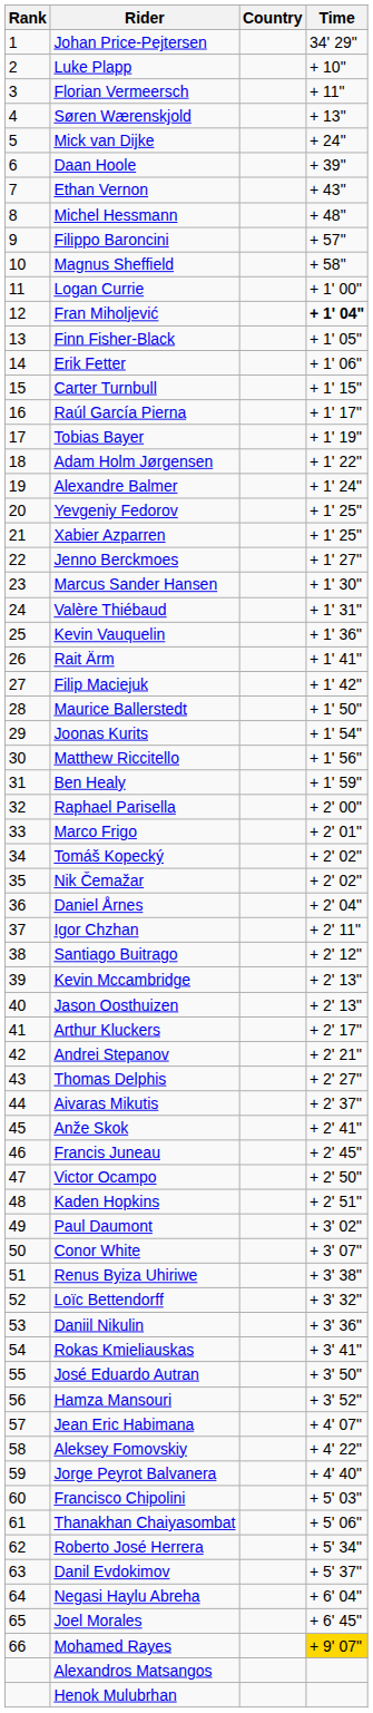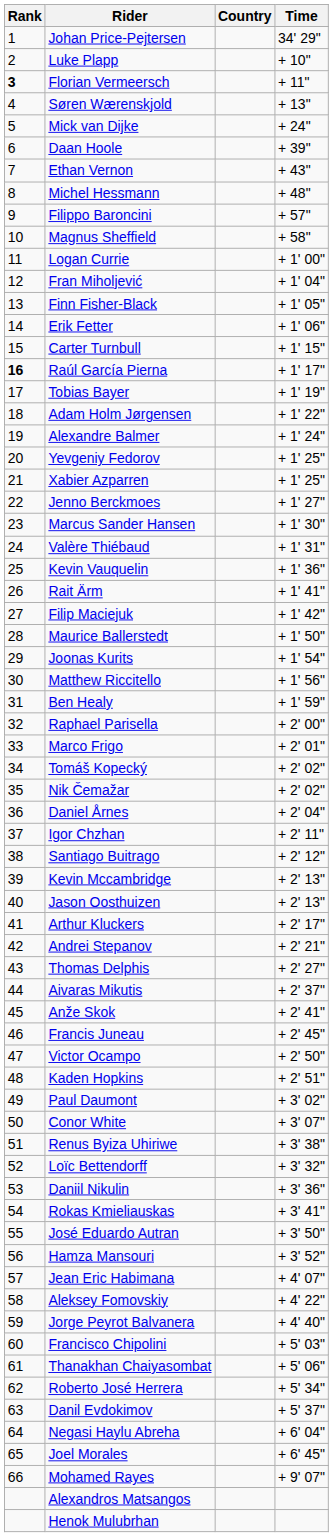 <table class="wikitable" style="font-size:95%; text-align:left;">
 <tr>
 <th>Rank</th>
 <th>Rider</th>
 <th>Country</th>
 <th>Time</th>
 </tr>
 <tr>
 <td>1</td>
 <td><a href='#'>Johan Price-Pejtersen</a></td>
 <td></td>
 <td>34' 29"</td>
 </tr>
 <tr>
 <td>2</td>
 <td><a href='#'>Luke Plapp</a></td>
 <td></td>
 <td>+ 10"</td>
 </tr>
 <tr>
-<td>3</td>
+<td><strong>3</strong></td>
 <td><a href='#'>Florian Vermeersch</a></td>
 <td></td>
 <td>+ 11"</td>
 </tr>
 <tr>
 <td>4</td>
 <td><a href='#'>Søren Wærenskjold</a></td>
 <td></td>
 <td>+ 13"</td>
 </tr>
 <tr>
 <td>5</td>
 <td><a href='#'>Mick van Dijke</a></td>
 <td></td>
 <td>+ 24"</td>
 </tr>
 <tr>
 <td>6</td>
 <td><a href='#'>Daan Hoole</a></td>
 <td></td>
 <td>+ 39"</td>
 </tr>
 <tr>
 <td>7</td>
 <td><a href='#'>Ethan Vernon</a></td>
 <td></td>
 <td>+ 43"</td>
 </tr>
 <tr>
 <td>8</td>
 <td><a href='#'>Michel Hessmann</a></td>
 <td></td>
 <td>+ 48"</td>
 </tr>
 <tr>
 <td>9</td>
 <td><a href='#'>Filippo Baroncini</a></td>
 <td></td>
 <td>+ 57"</td>
 </tr>
 <tr>
 <td>10</td>
 <td><a href='#'>Magnus Sheffield</a></td>
 <td></td>
 <td>+ 58"</td>
 </tr>
 <tr>
 <td>11</td>
 <td><a href='#'>Logan Currie</a></td>
 <td></td>
 <td>+ 1' 00"</td>
 </tr>
 <tr>
 <td>12</td>
 <td><a href='#'>Fran Miholjević</a></td>
 <td></td>
-<td><strong>+ 1' 04"</strong></td>
+<td>+ 1' 04"</td>
 </tr>
 <tr>
 <td>13</td>
 <td><a href='#'>Finn Fisher-Black</a></td>
 <td></td>
 <td>+ 1' 05"</td>
 </tr>
 <tr>
 <td>14</td>
 <td><a href='#'>Erik Fetter</a></td>
 <td></td>
 <td>+ 1' 06"</td>
 </tr>
 <tr>
 <td>15</td>
 <td><a href='#'>Carter Turnbull</a></td>
 <td></td>
 <td>+ 1' 15"</td>
 </tr>
 <tr>
-<td>16</td>
+<td><strong>16</strong></td>
 <td><a href='#'>Raúl García Pierna</a></td>
 <td></td>
 <td>+ 1' 17"</td>
 </tr>
 <tr>
 <td>17</td>
 <td><a href='#'>Tobias Bayer</a></td>
 <td></td>
 <td>+ 1' 19"</td>
 </tr>
 <tr>
 <td>18</td>
 <td><a href='#'>Adam Holm Jørgensen</a></td>
 <td></td>
 <td>+ 1' 22"</td>
 </tr>
 <tr>
 <td>19</td>
 <td><a href='#'>Alexandre Balmer</a></td>
 <td></td>
 <td>+ 1' 24"</td>
 </tr>
 <tr>
 <td>20</td>
 <td><a href='#'>Yevgeniy Fedorov</a></td>
 <td></td>
 <td>+ 1' 25"</td>
 </tr>
 <tr>
 <td>21</td>
 <td><a href='#'>Xabier Azparren</a></td>
 <td></td>
 <td>+ 1' 25"</td>
 </tr>
 <tr>
 <td>22</td>
 <td><a href='#'>Jenno Berckmoes</a></td>
 <td></td>
 <td>+ 1' 27"</td>
 </tr>
 <tr>
 <td>23</td>
 <td><a href='#'>Marcus Sander Hansen</a></td>
 <td></td>
 <td>+ 1' 30"</td>
 </tr>
 <tr>
 <td>24</td>
 <td><a href='#'>Valère Thiébaud</a></td>
 <td></td>
 <td>+ 1' 31"</td>
 </tr>
 <tr>
 <td>25</td>
 <td><a href='#'>Kevin Vauquelin</a></td>
 <td></td>
 <td>+ 1' 36"</td>
 </tr>
 <tr>
 <td>26</td>
 <td><a href='#'>Rait Ärm</a></td>
 <td></td>
 <td>+ 1' 41"</td>
 </tr>
 <tr>
 <td>27</td>
 <td><a href='#'>Filip Maciejuk</a></td>
 <td></td>
 <td>+ 1' 42"</td>
 </tr>
 <tr>
 <td>28</td>
 <td><a href='#'>Maurice Ballerstedt</a></td>
 <td></td>
 <td>+ 1' 50"</td>
 </tr>
 <tr>
 <td>29</td>
 <td><a href='#'>Joonas Kurits</a></td>
 <td></td>
 <td>+ 1' 54"</td>
 </tr>
 <tr>
 <td>30</td>
 <td><a href='#'>Matthew Riccitello</a></td>
 <td></td>
 <td>+ 1' 56"</td>
 </tr>
 <tr>
 <td>31</td>
 <td><a href='#'>Ben Healy</a></td>
 <td></td>
 <td>+ 1' 59"</td>
 </tr>
 <tr>
 <td>32</td>
 <td><a href='#'>Raphael Parisella</a></td>
 <td></td>
 <td>+ 2' 00"</td>
 </tr>
 <tr>
 <td>33</td>
 <td><a href='#'>Marco Frigo</a></td>
 <td></td>
 <td>+ 2' 01"</td>
 </tr>
 <tr>
 <td>34</td>
 <td><a href='#'>Tomáš Kopecký</a></td>
 <td></td>
 <td>+ 2' 02"</td>
 </tr>
 <tr>
 <td>35</td>
 <td><a href='#'>Nik Čemažar</a></td>
 <td></td>
 <td>+ 2' 02"</td>
 </tr>
 <tr>
 <td>36</td>
 <td><a href='#'>Daniel Årnes</a></td>
 <td></td>
 <td>+ 2' 04"</td>
 </tr>
 <tr>
 <td>37</td>
 <td><a href='#'>Igor Chzhan</a></td>
 <td></td>
 <td>+ 2' 11"</td>
 </tr>
 <tr>
 <td>38</td>
 <td><a href='#'>Santiago Buitrago</a></td>
 <td></td>
 <td>+ 2' 12"</td>
 </tr>
 <tr>
 <td>39</td>
 <td><a href='#'>Kevin Mccambridge</a></td>
 <td></td>
 <td>+ 2' 13"</td>
 </tr>
 <tr>
 <td>40</td>
 <td><a href='#'>Jason Oosthuizen</a></td>
 <td></td>
 <td>+ 2' 13"</td>
 </tr>
 <tr>
 <td>41</td>
 <td><a href='#'>Arthur Kluckers</a></td>
 <td></td>
 <td>+ 2' 17"</td>
 </tr>
 <tr>
 <td>42</td>
 <td><a href='#'>Andrei Stepanov</a></td>
 <td></td>
 <td>+ 2' 21"</td>
 </tr>
 <tr>
 <td>43</td>
 <td><a href='#'>Thomas Delphis</a></td>
 <td></td>
 <td>+ 2' 27"</td>
 </tr>
 <tr>
 <td>44</td>
 <td><a href='#'>Aivaras Mikutis</a></td>
 <td></td>
 <td>+ 2' 37"</td>
 </tr>
 <tr>
 <td>45</td>
 <td><a href='#'>Anže Skok</a></td>
 <td></td>
 <td>+ 2' 41"</td>
 </tr>
 <tr>
 <td>46</td>
 <td><a href='#'>Francis Juneau</a></td>
 <td></td>
 <td>+ 2' 45"</td>
 </tr>
 <tr>
 <td>47</td>
 <td><a href='#'>Victor Ocampo</a></td>
 <td></td>
 <td>+ 2' 50"</td>
 </tr>
 <tr>
 <td>48</td>
 <td><a href='#'>Kaden Hopkins</a></td>
 <td></td>
 <td>+ 2' 51"</td>
 </tr>
 <tr>
 <td>49</td>
 <td><a href='#'>Paul Daumont</a></td>
 <td></td>
 <td>+ 3' 02"</td>
 </tr>
 <tr>
 <td>50</td>
 <td><a href='#'>Conor White</a></td>
 <td></td>
 <td>+ 3' 07"</td>
 </tr>
 <tr>
 <td>51</td>
 <td><a href='#'>Renus Byiza Uhiriwe</a></td>
 <td></td>
 <td>+ 3' 38"</td>
 </tr>
 <tr>
 <td>52</td>
 <td><a href='#'>Loïc Bettendorff</a></td>
 <td></td>
 <td>+ 3' 32"</td>
 </tr>
 <tr>
 <td>53</td>
 <td><a href='#'>Daniil Nikulin</a></td>
 <td></td>
 <td>+ 3' 36"</td>
 </tr>
 <tr>
 <td>54</td>
 <td><a href='#'>Rokas Kmieliauskas</a></td>
 <td></td>
 <td>+ 3' 41"</td>
 </tr>
 <tr>
 <td>55</td>
 <td><a href='#'>José Eduardo Autran</a></td>
 <td></td>
 <td>+ 3' 50"</td>
 </tr>
 <tr>
 <td>56</td>
 <td><a href='#'>Hamza Mansouri</a></td>
 <td></td>
 <td>+ 3' 52"</td>
 </tr>
 <tr>
 <td>57</td>
 <td><a href='#'>Jean Eric Habimana</a></td>
 <td></td>
 <td>+ 4' 07"</td>
 </tr>
 <tr>
 <td>58</td>
 <td><a href='#'>Aleksey Fomovskiy</a></td>
 <td></td>
 <td>+ 4' 22"</td>
 </tr>
 <tr>
 <td>59</td>
 <td><a href='#'>Jorge Peyrot Balvanera</a></td>
 <td></td>
 <td>+ 4' 40"</td>
 </tr>
 <tr>
 <td>60</td>
 <td><a href='#'>Francisco Chipolini</a></td>
 <td></td>
 <td>+ 5' 03"</td>
 </tr>
 <tr>
 <td>61</td>
 <td><a href='#'>Thanakhan Chaiyasombat</a></td>
 <td></td>
 <td>+ 5' 06"</td>
 </tr>
 <tr>
 <td>62</td>
 <td><a href='#'>Roberto José Herrera</a></td>
 <td></td>
 <td>+ 5' 34"</td>
 </tr>
 <tr>
 <td>63</td>
 <td><a href='#'>Danil Evdokimov</a></td>
 <td></td>
 <td>+ 5' 37"</td>
 </tr>
 <tr>
 <td>64</td>
 <td><a href='#'>Negasi Haylu Abreha</a></td>
 <td></td>
 <td>+ 6' 04"</td>
 </tr>
 <tr>
 <td>65</td>
 <td><a href='#'>Joel Morales</a></td>
 <td></td>
 <td>+ 6' 45"</td>
 </tr>
 <tr>
 <td>66</td>
 <td><a href='#'>Mohamed Rayes</a></td>
 <td></td>
-<td style="background: gold;">+ 9' 07"</td>
+<td>+ 9' 07"</td>
 </tr>
 <tr>
 <td></td>
 <td><a href='#'>Alexandros Matsangos</a></td>
 <td></td>
 <td></td>
 </tr>
 <tr>
 <td></td>
 <td><a href='#'>Henok Mulubrhan</a></td>
 <td></td>
 <td></td>
 </tr>
 </table>
